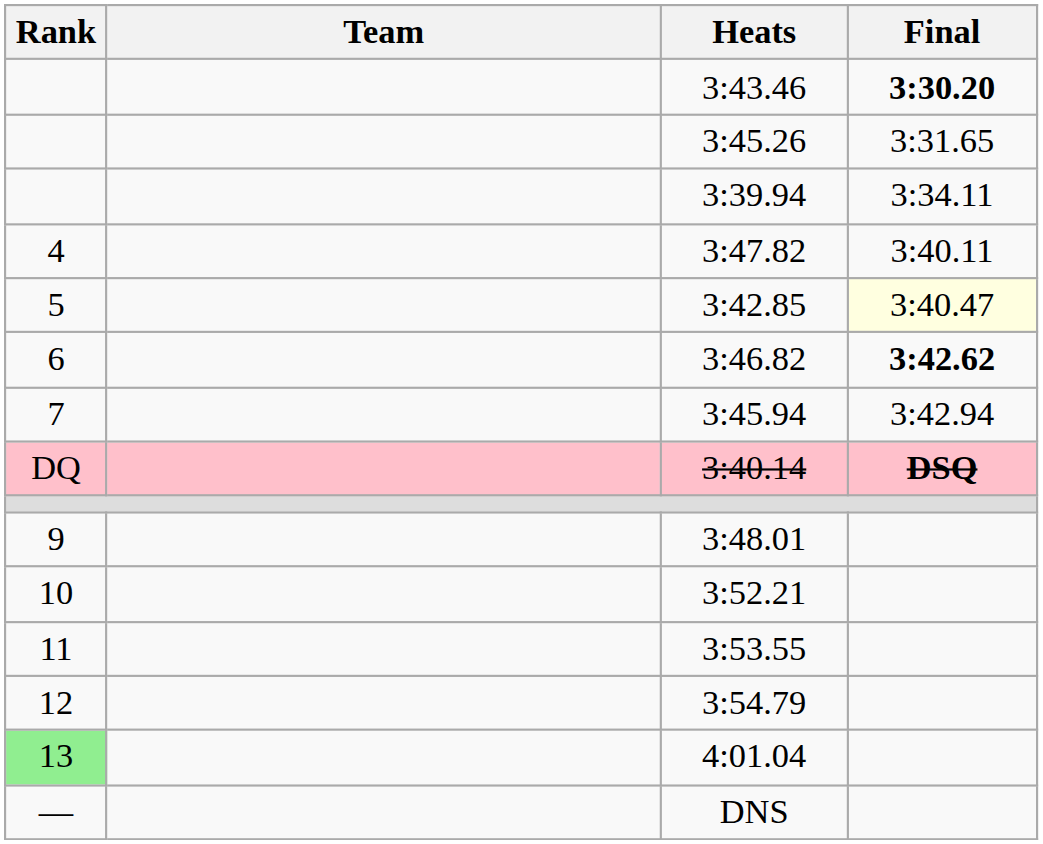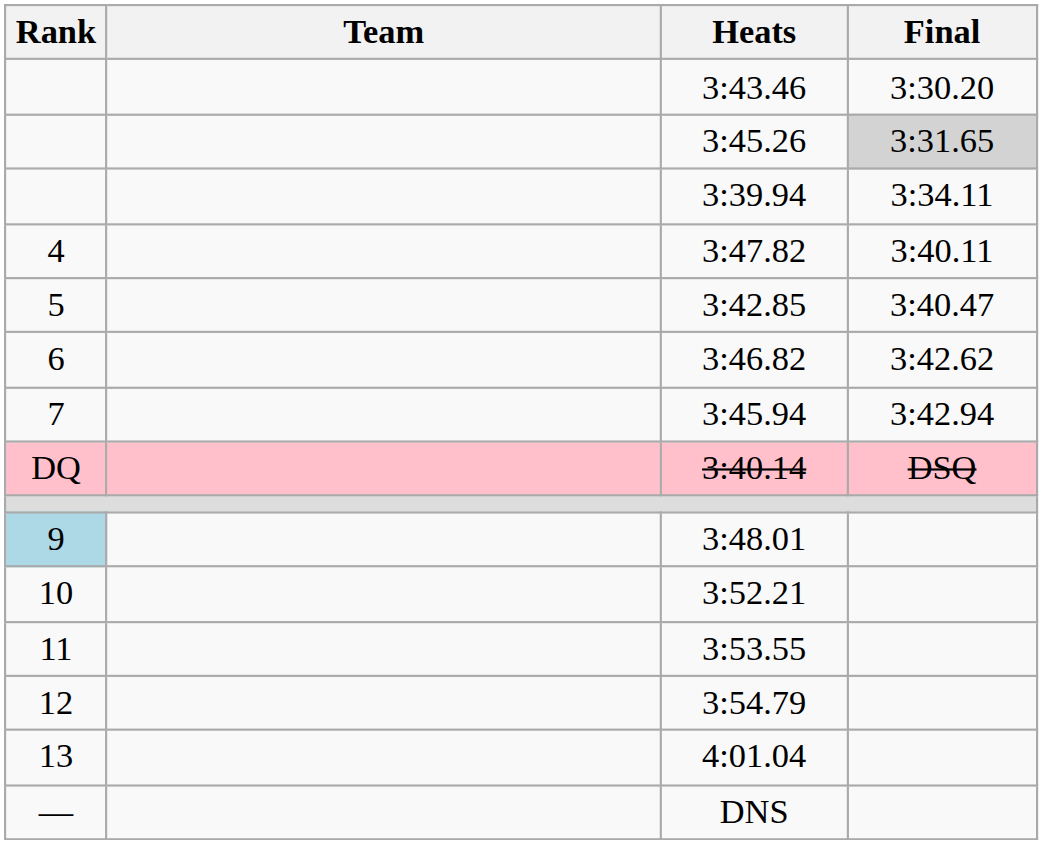 <table class=wikitable style="text-align:center">
 <tr>
 <th width=40>Rank</th>
 <th width=250>Team</th>
 <th width=80>Heats</th>
 <th width=80>Final</th>
 </tr>
 <tr>
 <td></td>
 <td align=left></td>
 <td>3:43.46</td>
-<td><strong>3:30.20</strong></td>
+<td>3:30.20</td>
 </tr>
 <tr>
 <td></td>
 <td align=left></td>
 <td>3:45.26</td>
-<td>3:31.65</td>
+<td style="background: lightgrey;">3:31.65</td>
 </tr>
 <tr>
 <td></td>
 <td align=left></td>
 <td>3:39.94</td>
 <td>3:34.11</td>
 </tr>
 <tr>
 <td>4</td>
 <td align=left></td>
 <td>3:47.82</td>
 <td>3:40.11</td>
 </tr>
 <tr>
 <td>5</td>
 <td align=left></td>
 <td>3:42.85</td>
-<td style="background: lightyellow;">3:40.47</td>
+<td>3:40.47</td>
 </tr>
 <tr>
 <td>6</td>
 <td align=left></td>
 <td>3:46.82</td>
-<td><strong>3:42.62</strong></td>
+<td>3:42.62</td>
 </tr>
 <tr>
 <td>7</td>
 <td align=left></td>
 <td>3:45.94</td>
 <td>3:42.94</td>
 </tr>
 <tr bgcolor=pink>
 <td>DQ</td>
 <td align=left></td>
 <td><s>3:40.14</s></td>
-<td><strong><s>DSQ</s></strong></td>
+<td><s>DSQ</s></td>
 </tr>
 <tr bgcolor=#DDDDDD>
 <td colspan=4></td>
 </tr>
 <tr>
-<td>9</td>
+<td style="background: lightblue;">9</td>
 <td align=left></td>
 <td>3:48.01</td>
 <td></td>
 </tr>
 <tr>
 <td>10</td>
 <td align=left></td>
 <td>3:52.21</td>
 <td></td>
 </tr>
 <tr>
 <td>11</td>
 <td align=left></td>
 <td>3:53.55</td>
 <td></td>
 </tr>
 <tr>
 <td>12</td>
 <td align=left></td>
 <td>3:54.79</td>
 <td></td>
 </tr>
 <tr>
-<td style="background: lightgreen;">13</td>
+<td>13</td>
 <td align=left></td>
 <td>4:01.04</td>
 <td></td>
 </tr>
 <tr>
 <td>—</td>
 <td align=left></td>
 <td>DNS</td>
 <td></td>
 </tr>
 </table>
